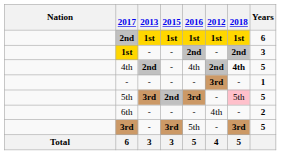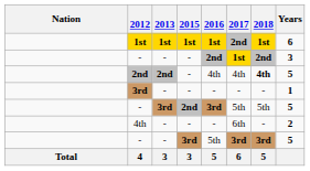 <table class="wikitable" style="text-align:center; font-size:90%">
 <tr>
 <th width=170>Nation</th>
-<th><br><a href='#'>2017</a></th>
+<th><br><a href='#'>2012</a></th>
 <th><br><a href='#'>2013</a></th>
 <th><br><a href='#'>2015</a></th>
 <th><br><a href='#'>2016</a></th>
-<th><br><a href='#'>2012</a></th>
+<th><br><a href='#'>2017</a></th>
 <th><br><a href='#'>2018</a></th>
 <th>Years</th>
 </tr>
 <tr>
 <td align=left></td>
-<td bgcolor=silver><strong>2nd</strong></td>
 <td bgcolor=gold><strong>1st</strong></td>
 <td bgcolor=gold><strong>1st</strong></td>
 <td bgcolor=gold><strong>1st</strong></td>
 <td bgcolor=gold><strong>1st</strong></td>
+<td bgcolor=silver><strong>2nd</strong></td>
 <td bgcolor=gold><strong>1st</strong></td>
 <td><strong>6</strong></td>
-</tr>
-<tr>
-<td align=left></td>
-<td bgcolor=gold><strong>1st</strong></td>
-<td>-</td>
-<td>-</td>
-<td bgcolor=silver><strong>2nd</strong></td>
-<td>-</td>
-<td bgcolor=silver><strong>2nd</strong></td>
-<td><strong>3</strong></td>
-</tr>
-<tr>
-<td align=left></td>
-<td>4th</td>
-<td bgcolor=silver><strong>2nd</strong></td>
-<td>-</td>
-<td>4th</td>
-<td bgcolor=silver><strong>2nd</strong></td>
-<td><strong>4th</strong></td>
-<td><strong>5</strong></td>
 </tr>
 <tr>
 <td align=left></td>
 <td>-</td>
 <td>-</td>
 <td>-</td>
+<td bgcolor=silver><strong>2nd</strong></td>
+<td bgcolor=gold><strong>1st</strong></td>
+<td bgcolor=silver><strong>2nd</strong></td>
+<td><strong>3</strong></td>
+</tr>
+<tr>
+<td align=left></td>
+<td bgcolor=silver><strong>2nd</strong></td>
+<td bgcolor=silver><strong>2nd</strong></td>
 <td>-</td>
+<td>4th</td>
+<td>4th</td>
+<td><strong>4th</strong></td>
+<td><strong>5</strong></td>
+</tr>
+<tr>
+<td align=left></td>
 <td bgcolor=#cc9966><strong>3rd</strong></td>
+<td>-</td>
+<td>-</td>
+<td>-</td>
+<td>-</td>
 <td>-</td>
 <td><strong>1</strong></td>
 </tr>
 <tr>
 <td align=left></td>
-<td>5th</td>
+<td>-</td>
 <td bgcolor=#cc9966><strong>3rd</strong></td>
 <td bgcolor=silver><strong>2nd</strong></td>
 <td bgcolor=#cc9966><strong>3rd</strong></td>
-<td>-</td>
-<td style="background: pink;">5th</td>
+<td>5th</td>
+<td>5th</td>
 <td><strong>5</strong></td>
 </tr>
 <tr>
 <td align=left></td>
-<td>6th</td>
+<td>4th</td>
 <td>-</td>
 <td>-</td>
 <td>-</td>
-<td>4th</td>
+<td>6th</td>
 <td>-</td>
 <td><strong>2</strong></td>
 </tr>
 <tr>
 <td align=left></td>
-<td bgcolor=#cc9966><strong>3rd</strong></td>
+<td>-</td>
 <td>-</td>
 <td bgcolor=#cc9966><strong>3rd</strong></td>
 <td>5th</td>
-<td>-</td>
+<td bgcolor=#cc9966><strong>3rd</strong></td>
 <td bgcolor=#cc9966><strong>3rd</strong></td>
 <td><strong>5</strong></td>
 </tr>
 <tr>
 <th>Total</th>
-<th>6</th>
+<th>4</th>
 <th>3</th>
 <th>3</th>
 <th>5</th>
-<th>4</th>
+<th>6</th>
 <th>5</th>
 <th></th>
 </tr>
 </table>
